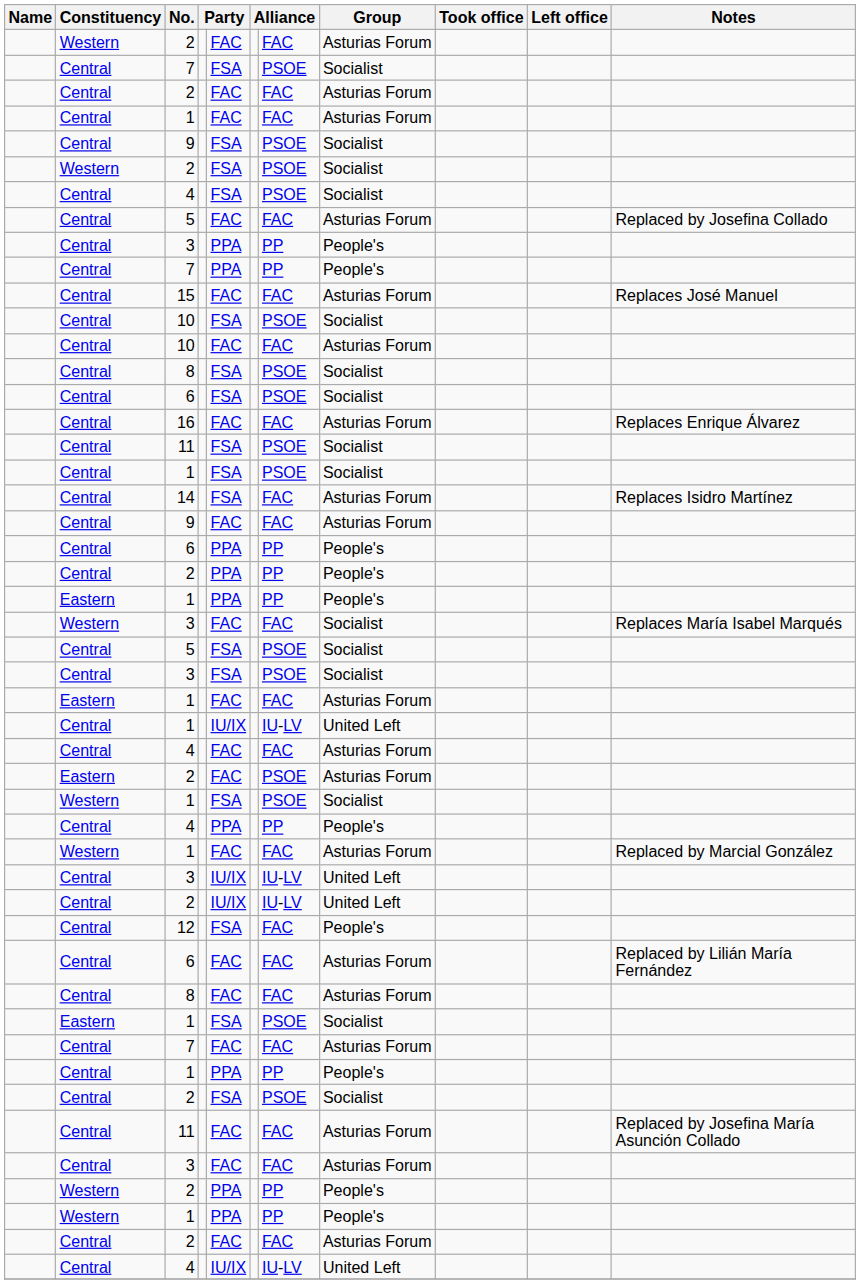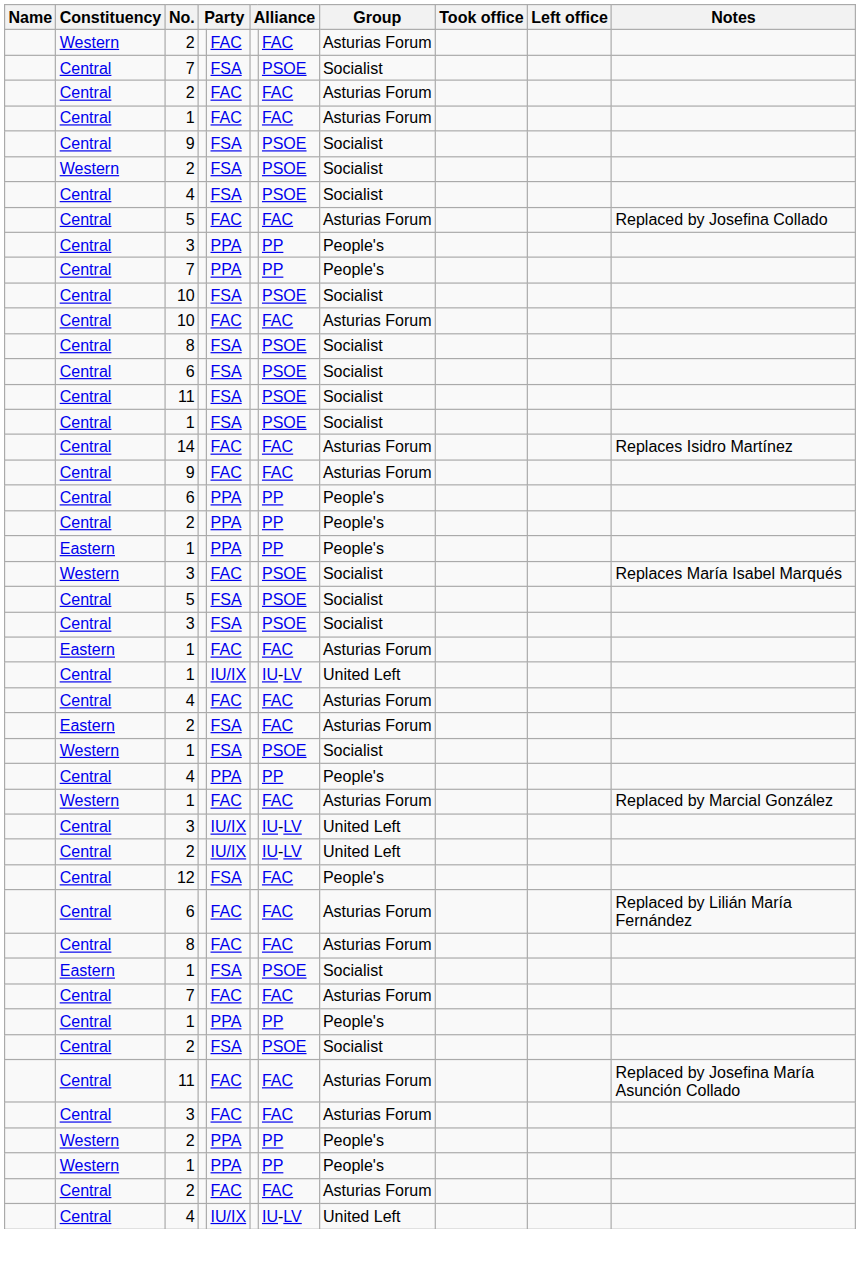 <table class="wikitable plainrowheaders sortable" style="font-size:85%; text-align:left;">
 <tr>
 <th scope="col">Name</th>
 <th scope="col">Constituency</th>
 <th scope="col">No.</th>
 <th colspan="2" scope="col">Party</th>
 <th colspan="2" scope="col">Alliance</th>
 <th scope="col">Group</th>
 <th scope="col">Took office</th>
 <th scope="col">Left office</th>
 <th scope="col" width="200">Notes</th>
 </tr>
 <tr>
 <td></td>
 <td><a href='#'>Western</a></td>
 <td align="right">2</td>
 <td style="width:0.5px;background:"></td>
 <td><a href='#'>FAC</a></td>
 <td style="width:0.5px;background:"></td>
 <td><a href='#'>FAC</a></td>
 <td>Asturias Forum</td>
 <td align="center"></td>
 <td align="center"></td>
 <td></td>
 </tr>
 <tr>
 <td></td>
 <td><a href='#'>Central</a></td>
 <td align="right">7</td>
 <td style="background:"></td>
 <td><a href='#'>FSA</a></td>
 <td style="background:"></td>
 <td><a href='#'>PSOE</a></td>
 <td>Socialist</td>
 <td align="center"></td>
 <td align="center"></td>
 <td></td>
 </tr>
 <tr>
 <td></td>
 <td><a href='#'>Central</a></td>
 <td align="right">2</td>
 <td style="background:"></td>
 <td><a href='#'>FAC</a></td>
 <td style="background:"></td>
 <td><a href='#'>FAC</a></td>
 <td>Asturias Forum</td>
 <td align="center"></td>
 <td align="center"></td>
 <td></td>
 </tr>
 <tr>
 <td></td>
 <td><a href='#'>Central</a></td>
 <td align="right">1</td>
 <td style="background:"></td>
 <td><a href='#'>FAC</a></td>
 <td style="background:"></td>
 <td><a href='#'>FAC</a></td>
 <td>Asturias Forum</td>
 <td align="center"></td>
 <td align="center"></td>
 <td></td>
 </tr>
 <tr>
 <td></td>
 <td><a href='#'>Central</a></td>
 <td align="right">9</td>
 <td style="background:"></td>
 <td><a href='#'>FSA</a></td>
 <td style="background:"></td>
 <td><a href='#'>PSOE</a></td>
 <td>Socialist</td>
 <td align="center"></td>
 <td align="center"></td>
 <td></td>
 </tr>
 <tr>
 <td></td>
 <td><a href='#'>Western</a></td>
 <td align="right">2</td>
 <td style="background:"></td>
 <td><a href='#'>FSA</a></td>
 <td style="background:"></td>
 <td><a href='#'>PSOE</a></td>
 <td>Socialist</td>
 <td align="center"></td>
 <td align="center"></td>
 <td></td>
 </tr>
 <tr>
 <td></td>
 <td><a href='#'>Central</a></td>
 <td align="right">4</td>
 <td style="background:"></td>
 <td><a href='#'>FSA</a></td>
 <td style="background:"></td>
 <td><a href='#'>PSOE</a></td>
 <td>Socialist</td>
 <td align="center"></td>
 <td align="center"></td>
 <td></td>
 </tr>
 <tr>
 <td></td>
 <td><a href='#'>Central</a></td>
 <td align="right">5</td>
 <td style="background:"></td>
 <td><a href='#'>FAC</a></td>
 <td style="background:"></td>
 <td><a href='#'>FAC</a></td>
 <td>Asturias Forum</td>
 <td align="center"></td>
 <td align="center"></td>
 <td>Replaced by Josefina Collado</td>
 </tr>
 <tr>
 <td></td>
 <td><a href='#'>Central</a></td>
 <td align="right">3</td>
 <td style="background:"></td>
 <td><a href='#'>PPA</a></td>
 <td style="background:"></td>
 <td><a href='#'>PP</a></td>
 <td>People's</td>
 <td align="center"></td>
 <td align="center"></td>
 <td></td>
 </tr>
 <tr>
 <td></td>
 <td><a href='#'>Central</a></td>
 <td align="right">7</td>
 <td style="background:"></td>
 <td><a href='#'>PPA</a></td>
 <td style="background:"></td>
 <td><a href='#'>PP</a></td>
 <td>People's</td>
 <td align="center"></td>
 <td align="center"></td>
 <td></td>
 </tr>
 <tr>
 <td></td>
 <td><a href='#'>Central</a></td>
-<td align="right">15</td>
-<td style="background:"></td>
-<td><a href='#'>FAC</a></td>
-<td style="background:"></td>
-<td><a href='#'>FAC</a></td>
-<td>Asturias Forum</td>
-<td align="center"></td>
-<td align="center"></td>
-<td>Replaces José Manuel</td>
-</tr>
-<tr>
-<td></td>
-<td><a href='#'>Central</a></td>
 <td align="right">10</td>
 <td style="background:"></td>
 <td><a href='#'>FSA</a></td>
 <td style="background:"></td>
 <td><a href='#'>PSOE</a></td>
 <td>Socialist</td>
 <td align="center"></td>
 <td align="center"></td>
 <td></td>
 </tr>
 <tr>
 <td></td>
 <td><a href='#'>Central</a></td>
 <td align="right">10</td>
 <td style="background:"></td>
 <td><a href='#'>FAC</a></td>
 <td style="background:"></td>
 <td><a href='#'>FAC</a></td>
 <td>Asturias Forum</td>
 <td align="center"></td>
 <td align="center"></td>
 <td></td>
 </tr>
 <tr>
 <td></td>
 <td><a href='#'>Central</a></td>
 <td align="right">8</td>
 <td style="background:"></td>
 <td><a href='#'>FSA</a></td>
 <td style="background:"></td>
 <td><a href='#'>PSOE</a></td>
 <td>Socialist</td>
 <td align="center"></td>
 <td align="center"></td>
 <td></td>
 </tr>
 <tr>
 <td></td>
 <td><a href='#'>Central</a></td>
 <td align="right">6</td>
 <td style="background:"></td>
 <td><a href='#'>FSA</a></td>
 <td style="background:"></td>
 <td><a href='#'>PSOE</a></td>
 <td>Socialist</td>
 <td align="center"></td>
 <td align="center"></td>
 <td></td>
 </tr>
 <tr>
 <td></td>
 <td><a href='#'>Central</a></td>
-<td align="right">16</td>
-<td style="background:"></td>
-<td><a href='#'>FAC</a></td>
-<td style="background:"></td>
-<td><a href='#'>FAC</a></td>
-<td>Asturias Forum</td>
-<td align="center"></td>
-<td align="center"></td>
-<td>Replaces Enrique Álvarez</td>
-</tr>
-<tr>
-<td></td>
-<td><a href='#'>Central</a></td>
 <td align="right">11</td>
 <td style="background:"></td>
 <td><a href='#'>FSA</a></td>
 <td style="background:"></td>
 <td><a href='#'>PSOE</a></td>
 <td>Socialist</td>
 <td align="center"></td>
 <td align="center"></td>
 <td></td>
 </tr>
 <tr>
 <td></td>
 <td><a href='#'>Central</a></td>
 <td align="right">1</td>
 <td style="background:"></td>
 <td><a href='#'>FSA</a></td>
 <td style="background:"></td>
 <td><a href='#'>PSOE</a></td>
 <td>Socialist</td>
 <td align="center"></td>
 <td align="center"></td>
 <td></td>
 </tr>
 <tr>
 <td></td>
 <td><a href='#'>Central</a></td>
 <td align="right">14</td>
 <td style="background:"></td>
-<td><a href='#'>FSA</a></td>
+<td><a href='#'>FAC</a></td>
 <td style="background:"></td>
 <td><a href='#'>FAC</a></td>
 <td>Asturias Forum</td>
 <td align="center"></td>
 <td align="center"></td>
 <td>Replaces Isidro Martínez</td>
 </tr>
 <tr>
 <td></td>
 <td><a href='#'>Central</a></td>
 <td align="right">9</td>
 <td style="background:"></td>
 <td><a href='#'>FAC</a></td>
 <td style="background:"></td>
 <td><a href='#'>FAC</a></td>
 <td>Asturias Forum</td>
 <td align="center"></td>
 <td align="center"></td>
 <td></td>
 </tr>
 <tr>
 <td></td>
 <td><a href='#'>Central</a></td>
 <td align="right">6</td>
 <td style="background:"></td>
 <td><a href='#'>PPA</a></td>
 <td style="background:"></td>
 <td><a href='#'>PP</a></td>
 <td>People's</td>
 <td align="center"></td>
 <td align="center"></td>
 <td></td>
 </tr>
 <tr>
 <td></td>
 <td><a href='#'>Central</a></td>
 <td align="right">2</td>
 <td style="background:"></td>
 <td><a href='#'>PPA</a></td>
 <td style="background:"></td>
 <td><a href='#'>PP</a></td>
 <td>People's</td>
 <td align="center"></td>
 <td align="center"></td>
 <td></td>
 </tr>
 <tr>
 <td></td>
 <td><a href='#'>Eastern</a></td>
 <td align="right">1</td>
 <td style="background:"></td>
 <td><a href='#'>PPA</a></td>
 <td style="background:"></td>
 <td><a href='#'>PP</a></td>
 <td>People's</td>
 <td align="center"></td>
 <td align="center"></td>
 <td></td>
 </tr>
 <tr>
 <td></td>
 <td><a href='#'>Western</a></td>
 <td align="right">3</td>
 <td style="background:"></td>
 <td><a href='#'>FAC</a></td>
 <td style="background:"></td>
-<td><a href='#'>FAC</a></td>
+<td><a href='#'>PSOE</a></td>
 <td>Socialist</td>
 <td align="center"></td>
 <td align="center"></td>
 <td>Replaces María Isabel Marqués</td>
 </tr>
 <tr>
 <td></td>
 <td><a href='#'>Central</a></td>
 <td align="right">5</td>
 <td style="background:"></td>
 <td><a href='#'>FSA</a></td>
 <td style="background:"></td>
 <td><a href='#'>PSOE</a></td>
 <td>Socialist</td>
 <td align="center"></td>
 <td align="center"></td>
 <td></td>
 </tr>
 <tr>
 <td></td>
 <td><a href='#'>Central</a></td>
 <td align="right">3</td>
 <td style="background:"></td>
 <td><a href='#'>FSA</a></td>
 <td style="background:"></td>
 <td><a href='#'>PSOE</a></td>
 <td>Socialist</td>
 <td align="center"></td>
 <td align="center"></td>
 <td></td>
 </tr>
 <tr>
 <td></td>
 <td><a href='#'>Eastern</a></td>
 <td align="right">1</td>
 <td style="background:"></td>
 <td><a href='#'>FAC</a></td>
 <td style="background:"></td>
 <td><a href='#'>FAC</a></td>
 <td>Asturias Forum</td>
 <td align="center"></td>
 <td align="center"></td>
 <td></td>
 </tr>
 <tr>
 <td></td>
 <td><a href='#'>Central</a></td>
 <td align="right">1</td>
 <td style="background:"></td>
 <td><a href='#'>IU/IX</a></td>
 <td style="background:"></td>
 <td><a href='#'>IU</a>-<a href='#'>LV</a></td>
 <td>United Left</td>
 <td align="center"></td>
 <td align="center"></td>
 <td></td>
 </tr>
 <tr>
 <td></td>
 <td><a href='#'>Central</a></td>
 <td align="right">4</td>
 <td style="background:"></td>
 <td><a href='#'>FAC</a></td>
 <td style="background:"></td>
 <td><a href='#'>FAC</a></td>
 <td>Asturias Forum</td>
 <td align="center"></td>
 <td align="center"></td>
 <td></td>
 </tr>
 <tr>
 <td></td>
 <td><a href='#'>Eastern</a></td>
 <td align="right">2</td>
 <td style="background:"></td>
+<td><a href='#'>FSA</a></td>
+<td style="background:"></td>
 <td><a href='#'>FAC</a></td>
-<td style="background:"></td>
-<td><a href='#'>PSOE</a></td>
 <td>Asturias Forum</td>
 <td align="center"></td>
 <td align="center"></td>
 <td></td>
 </tr>
 <tr>
 <td></td>
 <td><a href='#'>Western</a></td>
 <td align="right">1</td>
 <td style="background:"></td>
 <td><a href='#'>FSA</a></td>
 <td style="background:"></td>
 <td><a href='#'>PSOE</a></td>
 <td>Socialist</td>
 <td align="center"></td>
 <td align="center"></td>
 <td></td>
 </tr>
 <tr>
 <td></td>
 <td><a href='#'>Central</a></td>
 <td align="right">4</td>
 <td style="background:"></td>
 <td><a href='#'>PPA</a></td>
 <td style="background:"></td>
 <td><a href='#'>PP</a></td>
 <td>People's</td>
 <td align="center"></td>
 <td align="center"></td>
 <td></td>
 </tr>
 <tr>
 <td></td>
 <td><a href='#'>Western</a></td>
 <td align="right">1</td>
 <td style="background:"></td>
 <td><a href='#'>FAC</a></td>
 <td style="background:"></td>
 <td><a href='#'>FAC</a></td>
 <td>Asturias Forum</td>
 <td align="center"></td>
 <td align="center"></td>
 <td>Replaced by Marcial González</td>
 </tr>
 <tr>
 <td></td>
 <td><a href='#'>Central</a></td>
 <td align="right">3</td>
 <td style="background:"></td>
 <td><a href='#'>IU/IX</a></td>
 <td style="background:"></td>
 <td><a href='#'>IU</a>-<a href='#'>LV</a></td>
 <td>United Left</td>
 <td align="center"></td>
 <td align="center"></td>
 <td></td>
 </tr>
 <tr>
 <td></td>
 <td><a href='#'>Central</a></td>
 <td align="right">2</td>
 <td style="background:"></td>
 <td><a href='#'>IU/IX</a></td>
 <td style="background:"></td>
 <td><a href='#'>IU</a>-<a href='#'>LV</a></td>
 <td>United Left</td>
 <td align="center"></td>
 <td align="center"></td>
 <td></td>
 </tr>
 <tr>
 <td></td>
 <td><a href='#'>Central</a></td>
 <td align="right">12</td>
 <td style="background:"></td>
 <td><a href='#'>FSA</a></td>
 <td style="background:"></td>
 <td><a href='#'>FAC</a></td>
 <td>People's</td>
 <td align="center"></td>
 <td align="center"></td>
 <td></td>
 </tr>
 <tr>
 <td></td>
 <td><a href='#'>Central</a></td>
 <td align="right">6</td>
 <td style="background:"></td>
 <td><a href='#'>FAC</a></td>
 <td style="background:"></td>
 <td><a href='#'>FAC</a></td>
 <td>Asturias Forum</td>
 <td align="center"></td>
 <td align="center"></td>
 <td>Replaced by Lilián María Fernández</td>
 </tr>
 <tr>
 <td></td>
 <td><a href='#'>Central</a></td>
 <td align="right">8</td>
 <td style="background:"></td>
 <td><a href='#'>FAC</a></td>
 <td style="background:"></td>
 <td><a href='#'>FAC</a></td>
 <td>Asturias Forum</td>
 <td align="center"></td>
 <td align="center"></td>
 <td></td>
 </tr>
 <tr>
 <td></td>
 <td><a href='#'>Eastern</a></td>
 <td align="right">1</td>
 <td style="background:"></td>
 <td><a href='#'>FSA</a></td>
 <td style="background:"></td>
 <td><a href='#'>PSOE</a></td>
 <td>Socialist</td>
 <td align="center"></td>
 <td align="center"></td>
 <td></td>
 </tr>
 <tr>
 <td></td>
 <td><a href='#'>Central</a></td>
 <td align="right">7</td>
 <td style="background:"></td>
 <td><a href='#'>FAC</a></td>
 <td style="background:"></td>
 <td><a href='#'>FAC</a></td>
 <td>Asturias Forum</td>
 <td align="center"></td>
 <td align="center"></td>
 <td></td>
 </tr>
 <tr>
 <td></td>
 <td><a href='#'>Central</a></td>
 <td align="right">1</td>
 <td style="background:"></td>
 <td><a href='#'>PPA</a></td>
 <td style="background:"></td>
 <td><a href='#'>PP</a></td>
 <td>People's</td>
 <td align="center"></td>
 <td align="center"></td>
 <td></td>
 </tr>
 <tr>
 <td></td>
 <td><a href='#'>Central</a></td>
 <td align="right">2</td>
 <td style="background:"></td>
 <td><a href='#'>FSA</a></td>
 <td style="background:"></td>
 <td><a href='#'>PSOE</a></td>
 <td>Socialist</td>
 <td align="center"></td>
 <td align="center"></td>
 <td></td>
 </tr>
 <tr>
 <td></td>
 <td><a href='#'>Central</a></td>
 <td align="right">11</td>
 <td style="background:"></td>
 <td><a href='#'>FAC</a></td>
 <td style="background:"></td>
 <td><a href='#'>FAC</a></td>
 <td>Asturias Forum</td>
 <td align="center"></td>
 <td align="center"></td>
 <td>Replaced by Josefina María Asunción Collado</td>
 </tr>
 <tr>
 <td></td>
 <td><a href='#'>Central</a></td>
 <td align="right">3</td>
 <td style="background:"></td>
 <td><a href='#'>FAC</a></td>
 <td style="background:"></td>
 <td><a href='#'>FAC</a></td>
 <td>Asturias Forum</td>
 <td align="center"></td>
 <td align="center"></td>
 <td></td>
 </tr>
 <tr>
 <td></td>
 <td><a href='#'>Western</a></td>
 <td align="right">2</td>
 <td style="background:"></td>
 <td><a href='#'>PPA</a></td>
 <td style="background:"></td>
 <td><a href='#'>PP</a></td>
 <td>People's</td>
 <td align="center"></td>
 <td align="center"></td>
 <td></td>
 </tr>
 <tr>
 <td></td>
 <td><a href='#'>Western</a></td>
 <td align="right">1</td>
 <td style="background:"></td>
 <td><a href='#'>PPA</a></td>
 <td style="background:"></td>
 <td><a href='#'>PP</a></td>
 <td>People's</td>
 <td align="center"></td>
 <td align="center"></td>
 <td></td>
 </tr>
 <tr>
 <td></td>
 <td><a href='#'>Central</a></td>
 <td align="right">2</td>
 <td style="background:"></td>
 <td><a href='#'>FAC</a></td>
 <td style="background:"></td>
 <td><a href='#'>FAC</a></td>
 <td>Asturias Forum</td>
 <td align="center"></td>
 <td align="center"></td>
 <td></td>
 </tr>
 <tr>
 <td></td>
 <td><a href='#'>Central</a></td>
 <td align="right">4</td>
 <td style="background:"></td>
 <td><a href='#'>IU/IX</a></td>
 <td style="background:"></td>
 <td><a href='#'>IU</a>-<a href='#'>LV</a></td>
 <td>United Left</td>
 <td align="center"></td>
 <td align="center"></td>
 <td></td>
 </tr>
 <tr>
 </tr>
 </table>
